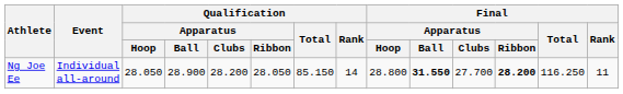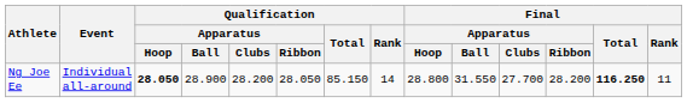 <table class=wikitable style=font-size:90%;text-align:center>
 <tr>
 <th rowspan="3">Athlete</th>
 <th rowspan="3">Event</th>
 <th colspan="6">Qualification</th>
 <th colspan="6">Final</th>
 </tr>
 <tr>
 <th colspan="4">Apparatus</th>
 <th rowspan="2">Total</th>
 <th rowspan="2">Rank</th>
 <th colspan="4">Apparatus</th>
 <th rowspan="2">Total</th>
 <th rowspan="2">Rank</th>
 </tr>
 <tr>
 <th>Hoop</th>
 <th>Ball</th>
 <th>Clubs</th>
 <th>Ribbon</th>
 <th>Hoop</th>
 <th>Ball</th>
 <th>Clubs</th>
 <th>Ribbon</th>
 </tr>
 <tr>
 <td align="left"><a href='#'>Ng Joe Ee</a></td>
 <td align="left"><a href='#'>Individual all-around</a></td>
-<td>28.050</td>
+<td><strong>28.050</strong></td>
 <td>28.900</td>
 <td>28.200</td>
 <td>28.050</td>
 <td>85.150</td>
 <td>14 <strong></strong></td>
 <td>28.800</td>
-<td><strong>31.550</strong></td>
+<td>31.550</td>
 <td>27.700</td>
-<td><strong>28.200</strong></td>
-<td>116.250</td>
+<td>28.200</td>
+<td><strong>116.250</strong></td>
 <td>11</td>
 </tr>
 </table>
